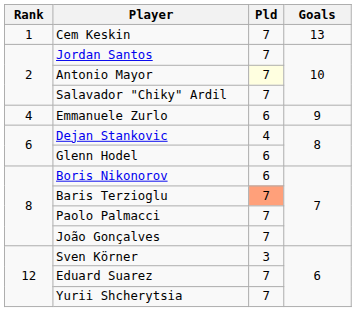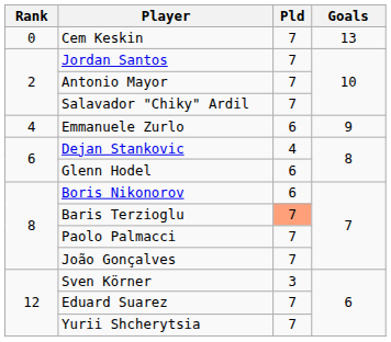 <table class="wikitable" style="text-align:center">
 <tr>
 <th width=45>Rank</th>
 <th width=200>Player</th>
 <th width=30>Pld</th>
 <th width=65>Goals</th>
 </tr>
 <tr>
-<td>1</td>
+<td>0</td>
 <td style="text-align:left"> Cem Keskin</td>
 <td>7</td>
 <td>13</td>
 </tr>
 <tr>
 <td rowspan=3>2</td>
 <td style="text-align:left"> <a href='#'>Jordan Santos</a></td>
 <td>7</td>
 <td rowspan=3>10</td>
 </tr>
 <tr>
 <td style="text-align:left"> Antonio Mayor</td>
-<td style="background: lightyellow;">7</td>
+<td>7</td>
 </tr>
 <tr>
 <td style="text-align:left"> Salavador "Chiky" Ardil</td>
 <td>7</td>
 </tr>
 <tr>
 <td>4</td>
 <td style="text-align:left"> Emmanuele Zurlo</td>
 <td>6</td>
 <td>9</td>
 </tr>
 <tr>
 <td rowspan=2>6</td>
 <td style="text-align:left"> <a href='#'>Dejan Stankovic</a></td>
 <td>4</td>
 <td rowspan=2>8</td>
 </tr>
 <tr>
 <td style="text-align:left"> Glenn Hodel</td>
 <td>6</td>
 </tr>
 <tr>
 <td rowspan=4>8</td>
 <td style="text-align:left"> <a href='#'>Boris Nikonorov</a></td>
 <td>6</td>
 <td rowspan=4>7</td>
 </tr>
 <tr>
 <td style="text-align:left"> Baris Terzioglu</td>
 <td style="background: lightsalmon;">7</td>
 </tr>
 <tr>
 <td style="text-align:left"> Paolo Palmacci</td>
 <td>7</td>
 </tr>
 <tr>
 <td style="text-align:left"> João Gonçalves</td>
 <td>7</td>
 </tr>
 <tr>
 <td rowspan=3>12</td>
 <td style="text-align:left"> Sven Körner</td>
 <td>3</td>
 <td rowspan=3>6</td>
 </tr>
 <tr>
 <td style="text-align:left"> Eduard Suarez</td>
 <td>7</td>
 </tr>
 <tr>
 <td style="text-align:left"> Yurii Shcherytsia</td>
 <td>7</td>
 </tr>
 </table>
